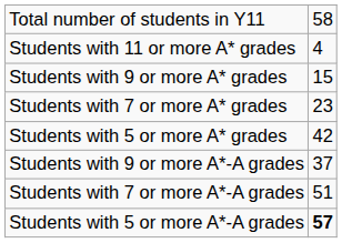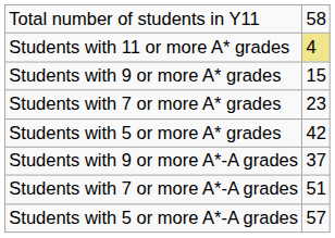 <table class="wikitable">
 <tr>
 <td>Total number of students in Y11</td>
 <td>58</td>
 </tr>
 <tr>
 <td>Students with 11 or more A* grades</td>
-<td>4</td>
+<td style="background: khaki;">4</td>
 </tr>
 <tr>
 <td>Students with 9 or more A* grades</td>
 <td>15</td>
 </tr>
 <tr>
 <td>Students with 7 or more A* grades</td>
 <td>23</td>
 </tr>
 <tr>
 <td>Students with 5 or more A* grades</td>
 <td>42</td>
 </tr>
 <tr>
 <td>Students with 9 or more A*-A grades</td>
 <td>37</td>
 </tr>
 <tr>
 <td>Students with 7 or more A*-A grades</td>
 <td>51</td>
 </tr>
 <tr>
 <td>Students with 5 or more A*-A grades</td>
-<td><strong>57</strong></td>
+<td>57</td>
 </tr>
 </table>
